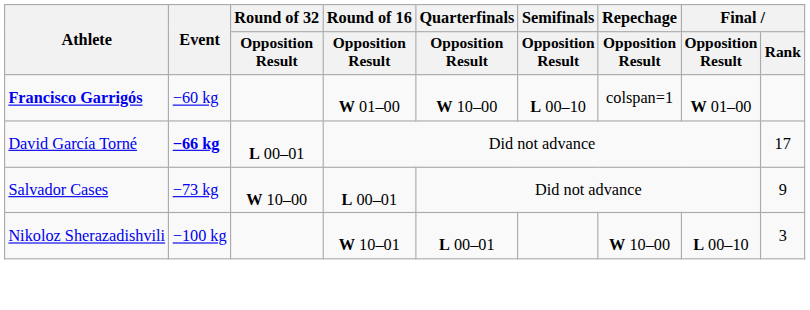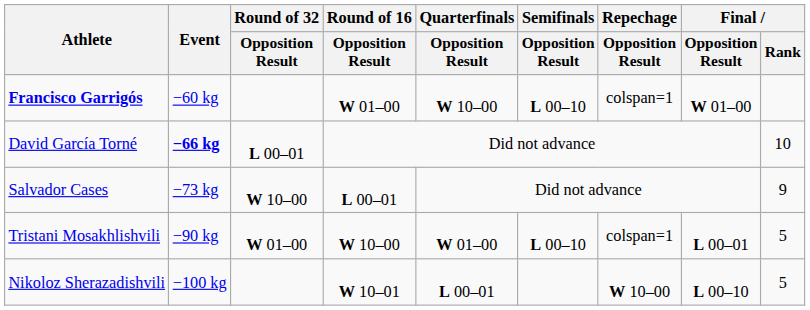 <table class="wikitable" style="font-size:90%">
 <tr>
 <th rowspan="2">Athlete</th>
 <th rowspan="2">Event</th>
 <th>Round of 32</th>
 <th>Round of 16</th>
 <th>Quarterfinals</th>
 <th>Semifinals</th>
 <th>Repechage</th>
 <th colspan=2>Final / </th>
 </tr>
 <tr style="font-size:95%">
 <th>Opposition<br>Result</th>
 <th>Opposition<br>Result</th>
 <th>Opposition<br>Result</th>
 <th>Opposition<br>Result</th>
 <th>Opposition<br>Result</th>
 <th>Opposition<br>Result</th>
 <th>Rank</th>
 </tr>
 <tr align=center>
 <td align=left><strong><a href='#'>Francisco Garrigós</a></strong></td>
 <td align=left><a href='#'>−60 kg</a></td>
 <td></td>
 <td><br><strong>W</strong> 01–00</td>
 <td><br><strong>W</strong> 10–00</td>
 <td><br><strong>L</strong> 00–10</td>
 <td>colspan=1 </td>
 <td><br><strong>W</strong> 01–00</td>
 <td></td>
 </tr>
 <tr align=center>
 <td align=left><a href='#'>David García Torné</a></td>
 <td align=left><strong><a href='#'>−66 kg</a></strong></td>
 <td><br><strong>L</strong> 00–01</td>
 <td colspan=5>Did not advance</td>
-<td>17</td>
+<td>10</td>
 </tr>
 <tr align=center>
 <td align=left><a href='#'>Salvador Cases</a></td>
 <td align=left><a href='#'>−73 kg</a></td>
 <td><br><strong>W</strong> 10–00</td>
 <td><br><strong>L</strong> 00–01</td>
 <td colspan=4>Did not advance</td>
 <td>9</td>
 </tr>
 <tr align=center>
+<td align=left><a href='#'>Tristani Mosakhlishvili</a></td>
+<td align=left><a href='#'>−90 kg</a></td>
+<td><br><strong>W</strong> 01–00</td>
+<td><br><strong>W</strong> 10–00</td>
+<td><br><strong>W</strong> 01–00</td>
+<td><br><strong>L</strong> 00–10</td>
+<td>colspan=1 </td>
+<td><br><strong>L</strong> 00–01</td>
+<td>5</td>
+</tr>
+<tr align=center>
 <td align=left><a href='#'>Nikoloz Sherazadishvili</a></td>
 <td align=left><a href='#'>−100 kg</a></td>
 <td></td>
 <td><br><strong>W</strong> 10–01</td>
 <td><br><strong>L</strong> 00–01</td>
 <td></td>
 <td><br><strong>W</strong> 10–00</td>
 <td><br><strong>L</strong> 00–10</td>
-<td>3</td>
+<td>5</td>
 </tr>
 </table>
